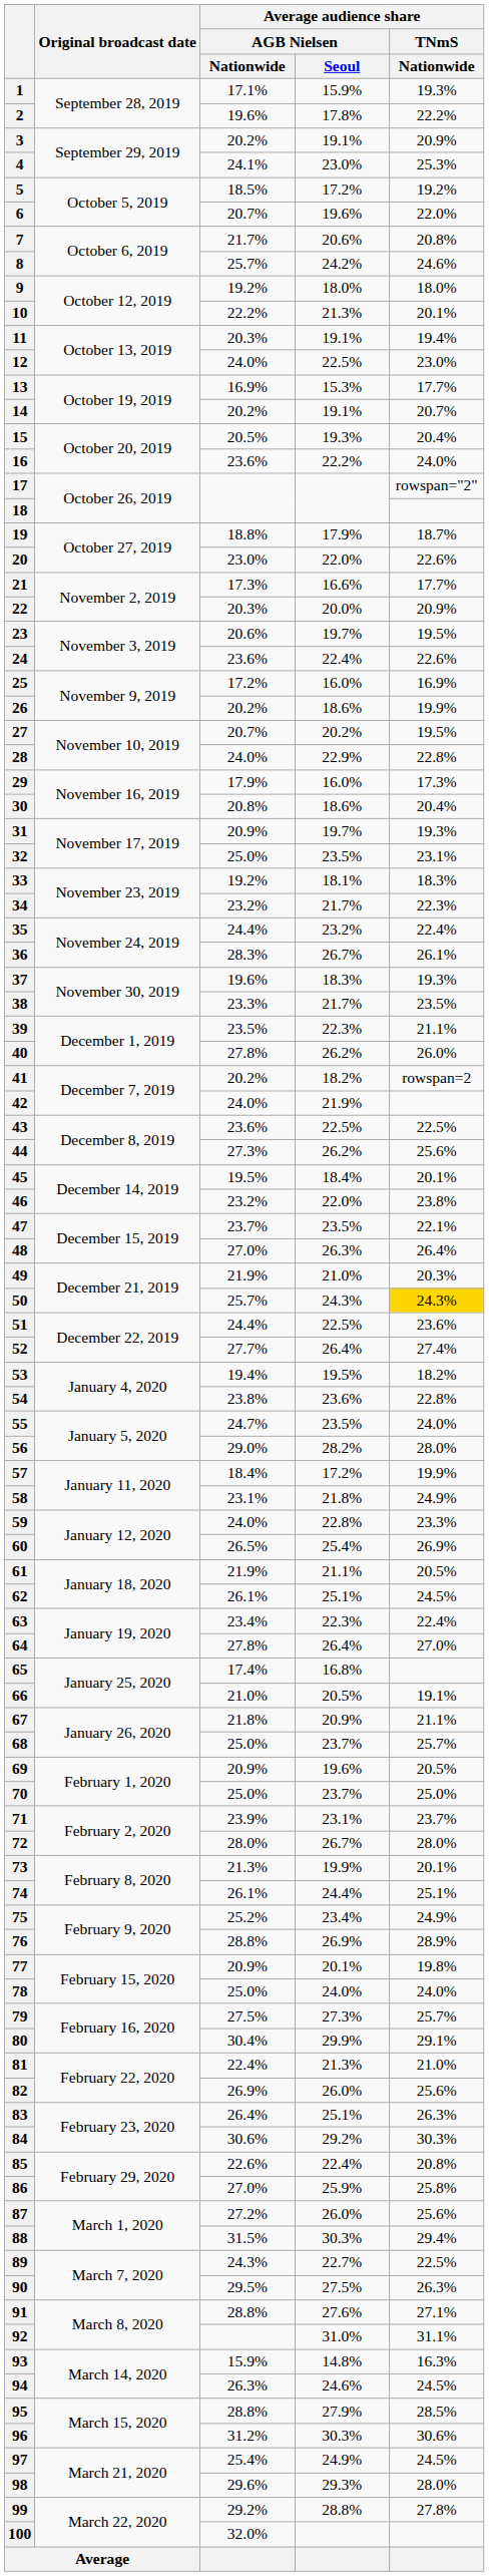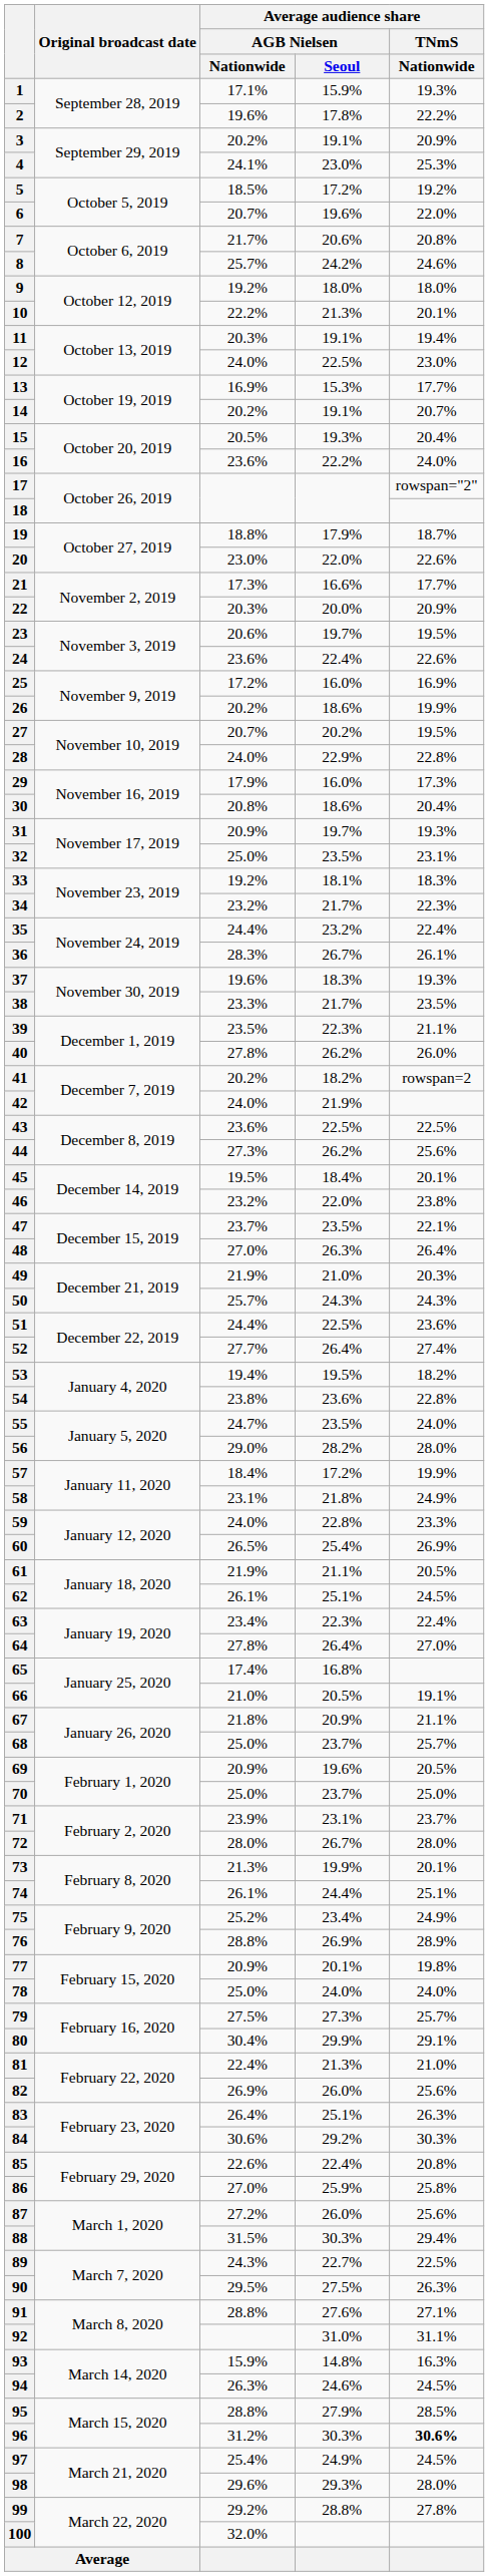 <table class="wikitable" style="text-align:center">
 <tr>
 <th rowspan="3"></th>
 <th rowspan="3">Original broadcast date</th>
 <th colspan="3">Average audience share</th>
 </tr>
 <tr>
 <th colspan="2">AGB Nielsen</th>
 <th>TNmS</th>
 </tr>
 <tr>
 <th width="90">Nationwide</th>
 <th width="90"><a href='#'>Seoul</a></th>
 <th width="90">Nationwide</th>
 </tr>
 <tr>
 <th>1</th>
 <td rowspan="2">September 28, 2019</td>
 <td>17.1%</td>
 <td>15.9%</td>
 <td>19.3%</td>
 </tr>
 <tr>
 <th>2</th>
 <td>19.6%</td>
 <td>17.8%</td>
 <td>22.2%</td>
 </tr>
 <tr>
 <th>3</th>
 <td rowspan="2">September 29, 2019</td>
 <td>20.2%</td>
 <td>19.1%</td>
 <td>20.9%</td>
 </tr>
 <tr>
 <th>4</th>
 <td>24.1%</td>
 <td>23.0%</td>
 <td>25.3%</td>
 </tr>
 <tr>
 <th>5</th>
 <td rowspan="2">October 5, 2019</td>
 <td>18.5%</td>
 <td>17.2%</td>
 <td>19.2%</td>
 </tr>
 <tr>
 <th>6</th>
 <td>20.7%</td>
 <td>19.6%</td>
 <td>22.0%</td>
 </tr>
 <tr>
 <th>7</th>
 <td rowspan="2">October 6, 2019</td>
 <td>21.7%</td>
 <td>20.6%</td>
 <td>20.8%</td>
 </tr>
 <tr>
 <th>8</th>
 <td>25.7%</td>
 <td>24.2%</td>
 <td>24.6%</td>
 </tr>
 <tr>
 <th>9</th>
 <td rowspan="2">October 12, 2019</td>
 <td>19.2%</td>
 <td>18.0%</td>
 <td>18.0%</td>
 </tr>
 <tr>
 <th>10</th>
 <td>22.2%</td>
 <td>21.3%</td>
 <td>20.1%</td>
 </tr>
 <tr>
 <th>11</th>
 <td rowspan="2">October 13, 2019</td>
 <td>20.3%</td>
 <td>19.1%</td>
 <td>19.4%</td>
 </tr>
 <tr>
 <th>12</th>
 <td>24.0%</td>
 <td>22.5%</td>
 <td>23.0%</td>
 </tr>
 <tr>
 <th>13</th>
 <td rowspan="2">October 19, 2019</td>
 <td>16.9%</td>
 <td>15.3%</td>
 <td>17.7%</td>
 </tr>
 <tr>
 <th>14</th>
 <td>20.2%</td>
 <td>19.1%</td>
 <td>20.7%</td>
 </tr>
 <tr>
 <th>15</th>
 <td rowspan="2">October 20, 2019</td>
 <td>20.5%</td>
 <td>19.3%</td>
 <td>20.4%</td>
 </tr>
 <tr>
 <th>16</th>
 <td>23.6%</td>
 <td>22.2%</td>
 <td>24.0%</td>
 </tr>
 <tr>
 <th>17</th>
 <td rowspan="2">October 26, 2019</td>
 <td rowspan="2"></td>
 <td rowspan="2"></td>
 <td>rowspan="2" </td>
 </tr>
 <tr>
 <th>18</th>
 </tr>
 <tr>
 <th>19</th>
 <td rowspan="2">October 27, 2019</td>
 <td>18.8%</td>
 <td>17.9%</td>
 <td>18.7%</td>
 </tr>
 <tr>
 <th>20</th>
 <td>23.0%</td>
 <td>22.0%</td>
 <td>22.6%</td>
 </tr>
 <tr>
 <th>21</th>
 <td rowspan="2">November 2, 2019</td>
 <td>17.3%</td>
 <td>16.6%</td>
 <td>17.7%</td>
 </tr>
 <tr>
 <th>22</th>
 <td>20.3%</td>
 <td>20.0%</td>
 <td>20.9%</td>
 </tr>
 <tr>
 <th>23</th>
 <td rowspan="2">November 3, 2019</td>
 <td>20.6%</td>
 <td>19.7%</td>
 <td>19.5%</td>
 </tr>
 <tr>
 <th>24</th>
 <td>23.6%</td>
 <td>22.4%</td>
 <td>22.6%</td>
 </tr>
 <tr>
 <th>25</th>
 <td rowspan="2">November 9, 2019</td>
 <td>17.2%</td>
 <td>16.0%</td>
 <td>16.9%</td>
 </tr>
 <tr>
 <th>26</th>
 <td>20.2%</td>
 <td>18.6%</td>
 <td>19.9%</td>
 </tr>
 <tr>
 <th>27</th>
 <td rowspan="2">November 10, 2019</td>
 <td>20.7%</td>
 <td>20.2%</td>
 <td>19.5%</td>
 </tr>
 <tr>
 <th>28</th>
 <td>24.0%</td>
 <td>22.9%</td>
 <td>22.8%</td>
 </tr>
 <tr>
 <th>29</th>
 <td rowspan="2">November 16, 2019</td>
 <td>17.9%</td>
 <td>16.0%</td>
 <td>17.3%</td>
 </tr>
 <tr>
 <th>30</th>
 <td>20.8%</td>
 <td>18.6%</td>
 <td>20.4%</td>
 </tr>
 <tr>
 <th>31</th>
 <td rowspan="2">November 17, 2019</td>
 <td>20.9%</td>
 <td>19.7%</td>
 <td>19.3%</td>
 </tr>
 <tr>
 <th>32</th>
 <td>25.0%</td>
 <td>23.5%</td>
 <td>23.1%</td>
 </tr>
 <tr>
 <th>33</th>
 <td rowspan="2">November 23, 2019</td>
 <td>19.2%</td>
 <td>18.1%</td>
 <td>18.3%</td>
 </tr>
 <tr>
 <th>34</th>
 <td>23.2%</td>
 <td>21.7%</td>
 <td>22.3%</td>
 </tr>
 <tr>
 <th>35</th>
 <td rowspan="2">November 24, 2019</td>
 <td>24.4%</td>
 <td>23.2%</td>
 <td>22.4%</td>
 </tr>
 <tr>
 <th>36</th>
 <td>28.3%</td>
 <td>26.7%</td>
 <td>26.1%</td>
 </tr>
 <tr>
 <th>37</th>
 <td rowspan="2">November 30, 2019</td>
 <td>19.6%</td>
 <td>18.3%</td>
 <td>19.3%</td>
 </tr>
 <tr>
 <th>38</th>
 <td>23.3%</td>
 <td>21.7%</td>
 <td>23.5%</td>
 </tr>
 <tr>
 <th>39</th>
 <td rowspan="2">December 1, 2019</td>
 <td>23.5%</td>
 <td>22.3%</td>
 <td>21.1%</td>
 </tr>
 <tr>
 <th>40</th>
 <td>27.8%</td>
 <td>26.2%</td>
 <td>26.0%</td>
 </tr>
 <tr>
 <th>41</th>
 <td rowspan="2">December 7, 2019</td>
 <td>20.2%</td>
 <td>18.2%</td>
 <td>rowspan=2 </td>
 </tr>
 <tr>
 <th>42</th>
 <td>24.0%</td>
 <td>21.9%</td>
 </tr>
 <tr>
 <th>43</th>
 <td rowspan="2">December 8, 2019</td>
 <td>23.6%</td>
 <td>22.5%</td>
 <td>22.5%</td>
 </tr>
 <tr>
 <th>44</th>
 <td>27.3%</td>
 <td>26.2%</td>
 <td>25.6%</td>
 </tr>
 <tr>
 <th>45</th>
 <td rowspan="2">December 14, 2019</td>
 <td>19.5%</td>
 <td>18.4%</td>
 <td>20.1%</td>
 </tr>
 <tr>
 <th>46</th>
 <td>23.2%</td>
 <td>22.0%</td>
 <td>23.8%</td>
 </tr>
 <tr>
 <th>47</th>
 <td rowspan="2">December 15, 2019</td>
 <td>23.7%</td>
 <td>23.5%</td>
 <td>22.1%</td>
 </tr>
 <tr>
 <th>48</th>
 <td>27.0%</td>
 <td>26.3%</td>
 <td>26.4%</td>
 </tr>
 <tr>
 <th>49</th>
 <td rowspan="2">December 21, 2019</td>
 <td>21.9%</td>
 <td>21.0%</td>
 <td>20.3%</td>
 </tr>
 <tr>
 <th>50</th>
 <td>25.7%</td>
 <td>24.3%</td>
-<td style="background: gold;">24.3%</td>
+<td>24.3%</td>
 </tr>
 <tr>
 <th>51</th>
 <td rowspan="2">December 22, 2019</td>
 <td>24.4%</td>
 <td>22.5%</td>
 <td>23.6%</td>
 </tr>
 <tr>
 <th>52</th>
 <td>27.7%</td>
 <td>26.4%</td>
 <td>27.4%</td>
 </tr>
 <tr>
 <th>53</th>
 <td rowspan="2">January 4, 2020</td>
 <td>19.4%</td>
 <td>19.5%</td>
 <td>18.2%</td>
 </tr>
 <tr>
 <th>54</th>
 <td>23.8%</td>
 <td>23.6%</td>
 <td>22.8%</td>
 </tr>
 <tr>
 <th>55</th>
 <td rowspan="2">January 5, 2020</td>
 <td>24.7%</td>
 <td>23.5%</td>
 <td>24.0%</td>
 </tr>
 <tr>
 <th>56</th>
 <td>29.0%</td>
 <td>28.2%</td>
 <td>28.0%</td>
 </tr>
 <tr>
 <th>57</th>
 <td rowspan="2">January 11, 2020</td>
 <td>18.4%</td>
 <td>17.2%</td>
 <td>19.9%</td>
 </tr>
 <tr>
 <th>58</th>
 <td>23.1%</td>
 <td>21.8%</td>
 <td>24.9%</td>
 </tr>
 <tr>
 <th>59</th>
 <td rowspan="2">January 12, 2020</td>
 <td>24.0%</td>
 <td>22.8%</td>
 <td>23.3%</td>
 </tr>
 <tr>
 <th>60</th>
 <td>26.5%</td>
 <td>25.4%</td>
 <td>26.9%</td>
 </tr>
 <tr>
 <th>61</th>
 <td rowspan="2">January 18, 2020</td>
 <td>21.9%</td>
 <td>21.1%</td>
 <td>20.5%</td>
 </tr>
 <tr>
 <th>62</th>
 <td>26.1%</td>
 <td>25.1%</td>
 <td>24.5%</td>
 </tr>
 <tr>
 <th>63</th>
 <td rowspan="2">January 19, 2020</td>
 <td>23.4%</td>
 <td>22.3%</td>
 <td>22.4%</td>
 </tr>
 <tr>
 <th>64</th>
 <td>27.8%</td>
 <td>26.4%</td>
 <td>27.0%</td>
 </tr>
 <tr>
 <th>65</th>
 <td rowspan="2">January 25, 2020</td>
 <td>17.4%</td>
 <td>16.8%</td>
 <td></td>
 </tr>
 <tr>
 <th>66</th>
 <td>21.0%</td>
 <td>20.5%</td>
 <td>19.1%</td>
 </tr>
 <tr>
 <th>67</th>
 <td rowspan="2">January 26, 2020</td>
 <td>21.8%</td>
 <td>20.9%</td>
 <td>21.1%</td>
 </tr>
 <tr>
 <th>68</th>
 <td>25.0%</td>
 <td>23.7%</td>
 <td>25.7%</td>
 </tr>
 <tr>
 <th>69</th>
 <td rowspan="2">February 1, 2020</td>
 <td>20.9%</td>
 <td>19.6%</td>
 <td>20.5%</td>
 </tr>
 <tr>
 <th>70</th>
 <td>25.0%</td>
 <td>23.7%</td>
 <td>25.0%</td>
 </tr>
 <tr>
 <th>71</th>
 <td rowspan="2">February 2, 2020</td>
 <td>23.9%</td>
 <td>23.1%</td>
 <td>23.7%</td>
 </tr>
 <tr>
 <th>72</th>
 <td>28.0%</td>
 <td>26.7%</td>
 <td>28.0%</td>
 </tr>
 <tr>
 <th>73</th>
 <td rowspan="2">February 8, 2020</td>
 <td>21.3%</td>
 <td>19.9%</td>
 <td>20.1%</td>
 </tr>
 <tr>
 <th>74</th>
 <td>26.1%</td>
 <td>24.4%</td>
 <td>25.1%</td>
 </tr>
 <tr>
 <th>75</th>
 <td rowspan="2">February 9, 2020</td>
 <td>25.2%</td>
 <td>23.4%</td>
 <td>24.9%</td>
 </tr>
 <tr>
 <th>76</th>
 <td>28.8%</td>
 <td>26.9%</td>
 <td>28.9%</td>
 </tr>
 <tr>
 <th>77</th>
 <td rowspan="2">February 15, 2020</td>
 <td>20.9%</td>
 <td>20.1%</td>
 <td>19.8%</td>
 </tr>
 <tr>
 <th>78</th>
 <td>25.0%</td>
 <td>24.0%</td>
 <td>24.0%</td>
 </tr>
 <tr>
 <th>79</th>
 <td rowspan="2">February 16, 2020</td>
 <td>27.5%</td>
 <td>27.3%</td>
 <td>25.7%</td>
 </tr>
 <tr>
 <th>80</th>
 <td>30.4%</td>
 <td>29.9%</td>
 <td>29.1%</td>
 </tr>
 <tr>
 <th>81</th>
 <td rowspan="2">February 22, 2020</td>
 <td>22.4%</td>
 <td>21.3%</td>
 <td>21.0%</td>
 </tr>
 <tr>
 <th>82</th>
 <td>26.9%</td>
 <td>26.0%</td>
 <td>25.6%</td>
 </tr>
 <tr>
 <th>83</th>
 <td rowspan="2">February 23, 2020</td>
 <td>26.4%</td>
 <td>25.1%</td>
 <td>26.3%</td>
 </tr>
 <tr>
 <th>84</th>
 <td>30.6%</td>
 <td>29.2%</td>
 <td>30.3%</td>
 </tr>
 <tr>
 <th>85</th>
 <td rowspan="2">February 29, 2020</td>
 <td>22.6%</td>
 <td>22.4%</td>
 <td>20.8%</td>
 </tr>
 <tr>
 <th>86</th>
 <td>27.0%</td>
 <td>25.9%</td>
 <td>25.8%</td>
 </tr>
 <tr>
 <th>87</th>
 <td rowspan="2">March 1, 2020</td>
 <td>27.2%</td>
 <td>26.0%</td>
 <td>25.6%</td>
 </tr>
 <tr>
 <th>88</th>
 <td>31.5%</td>
 <td>30.3%</td>
 <td>29.4%</td>
 </tr>
 <tr>
 <th>89</th>
 <td rowspan="2">March 7, 2020</td>
 <td>24.3%</td>
 <td>22.7%</td>
 <td>22.5%</td>
 </tr>
 <tr>
 <th>90</th>
 <td>29.5%</td>
 <td>27.5%</td>
 <td>26.3%</td>
 </tr>
 <tr>
 <th>91</th>
 <td rowspan="2">March 8, 2020</td>
 <td>28.8%</td>
 <td>27.6%</td>
 <td>27.1%</td>
 </tr>
 <tr>
 <th>92</th>
 <td></td>
 <td>31.0%</td>
 <td>31.1%</td>
 </tr>
 <tr>
 <th>93</th>
 <td rowspan="2">March 14, 2020</td>
 <td>15.9%</td>
 <td>14.8%</td>
 <td>16.3%</td>
 </tr>
 <tr>
 <th>94</th>
 <td>26.3%</td>
 <td>24.6%</td>
 <td>24.5%</td>
 </tr>
 <tr>
 <th>95</th>
 <td rowspan="2">March 15, 2020</td>
 <td>28.8%</td>
 <td>27.9%</td>
 <td>28.5%</td>
 </tr>
 <tr>
 <th>96</th>
 <td>31.2%</td>
 <td>30.3%</td>
-<td>30.6%</td>
+<td><strong>30.6%</strong></td>
 </tr>
 <tr>
 <th>97</th>
 <td rowspan="2">March 21, 2020</td>
 <td>25.4%</td>
 <td>24.9%</td>
 <td>24.5%</td>
 </tr>
 <tr>
 <th>98</th>
 <td>29.6%</td>
 <td>29.3%</td>
 <td>28.0%</td>
 </tr>
 <tr>
 <th>99</th>
 <td rowspan="2">March 22, 2020</td>
 <td>29.2%</td>
 <td>28.8%</td>
 <td>27.8%</td>
 </tr>
 <tr>
 <th>100</th>
 <td>32.0%</td>
 <td></td>
 <td></td>
 </tr>
 <tr>
 <th colspan="2">Average</th>
 <th></th>
 <th></th>
 <th></th>
 </tr>
 </table>
